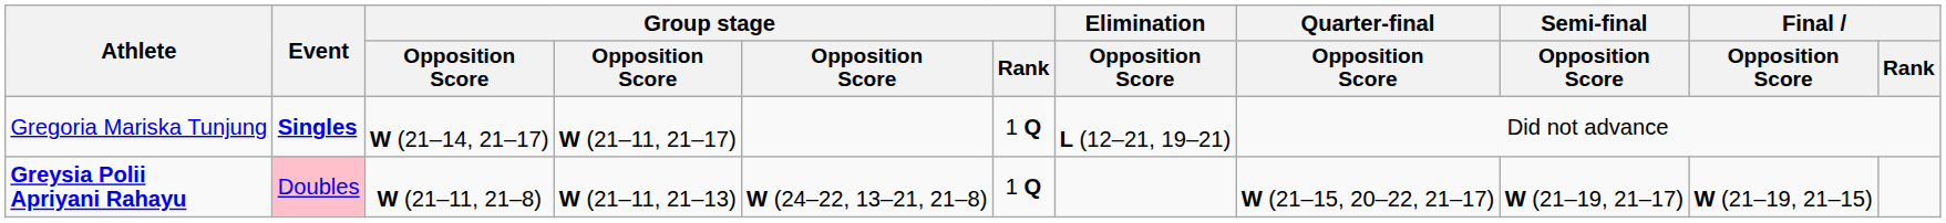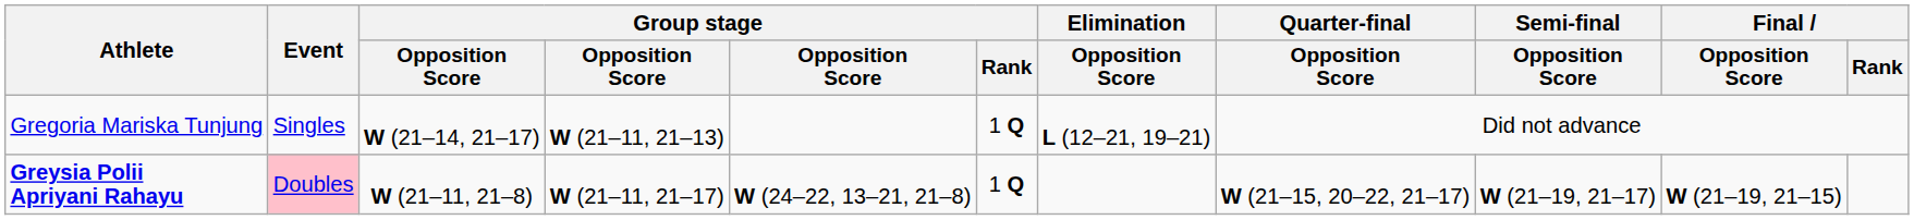 <table class="wikitable" style="font-size:90%">
 <tr>
 <th rowspan=2>Athlete</th>
 <th rowspan=2>Event</th>
 <th colspan=4>Group stage</th>
 <th>Elimination</th>
 <th>Quarter-final</th>
 <th>Semi-final</th>
 <th colspan=2>Final / </th>
 </tr>
 <tr style="font-size:95%">
 <th>Opposition<br>Score</th>
 <th>Opposition<br>Score</th>
 <th>Opposition<br>Score</th>
 <th>Rank</th>
 <th>Opposition<br>Score</th>
 <th>Opposition<br>Score</th>
 <th>Opposition<br>Score</th>
 <th>Opposition<br>Score</th>
 <th>Rank</th>
 </tr>
 <tr align=center>
 <td align=left><a href='#'>Gregoria Mariska Tunjung</a></td>
-<td align=left><strong><a href='#'>Singles</a></strong></td>
+<td align=left><a href='#'>Singles</a></td>
 <td><br><strong>W</strong> (21–14, 21–17)</td>
-<td><br><strong>W</strong> (21–11, 21–17)</td>
+<td><br><strong>W</strong> (21–11, 21–13)</td>
 <td></td>
 <td>1 <strong>Q</strong></td>
 <td><br><strong>L</strong> (12–21, 19–21)</td>
 <td colspan=4>Did not advance</td>
 </tr>
 <tr align=center>
 <td align=left><strong><a href='#'>Greysia Polii</a><br><a href='#'>Apriyani Rahayu</a></strong></td>
 <td align=left style="background: pink;"><a href='#'>Doubles</a></td>
 <td><br><strong>W</strong> (21–11, 21–8)</td>
-<td><br><strong>W</strong> (21–11, 21–13)</td>
+<td><br><strong>W</strong> (21–11, 21–17)</td>
 <td><br><strong>W</strong> (24–22, 13–21, 21–8)</td>
 <td>1 <strong>Q</strong></td>
 <td></td>
 <td><br><strong>W</strong> (21–15, 20–22, 21–17)</td>
 <td><br><strong>W</strong> (21–19, 21–17)</td>
 <td><br><strong>W</strong> (21–19, 21–15)</td>
 <td></td>
 </tr>
 </table>
